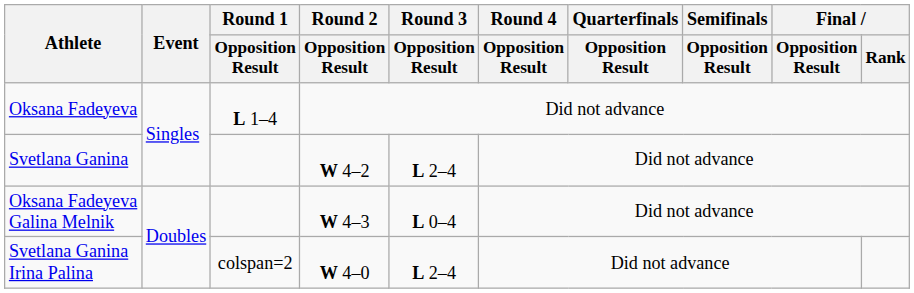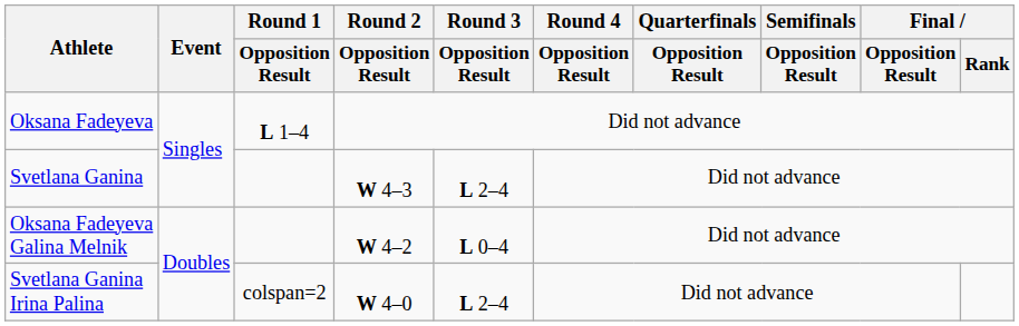 <table class="wikitable" style="font-size:90%">
 <tr>
 <th rowspan="2">Athlete</th>
 <th rowspan="2">Event</th>
 <th>Round 1</th>
 <th>Round 2</th>
 <th>Round 3</th>
 <th>Round 4</th>
 <th>Quarterfinals</th>
 <th>Semifinals</th>
 <th colspan=2>Final / </th>
 </tr>
 <tr style="font-size:95%">
 <th>Opposition<br>Result</th>
 <th>Opposition<br>Result</th>
 <th>Opposition<br>Result</th>
 <th>Opposition<br>Result</th>
 <th>Opposition<br>Result</th>
 <th>Opposition<br>Result</th>
 <th>Opposition<br>Result</th>
 <th>Rank</th>
 </tr>
 <tr align=center>
 <td align=left><a href='#'>Oksana Fadeyeva</a></td>
 <td align=left rowspan=2><a href='#'>Singles</a></td>
 <td><br><strong>L</strong> 1–4</td>
 <td colspan=7>Did not advance</td>
 </tr>
 <tr align=center>
 <td align=left><a href='#'>Svetlana Ganina</a></td>
 <td></td>
-<td><br><strong>W</strong> 4–2</td>
+<td><br><strong>W</strong> 4–3</td>
 <td><br><strong>L</strong> 2–4</td>
 <td colspan=5>Did not advance</td>
 </tr>
 <tr align=center>
 <td align=left><a href='#'>Oksana Fadeyeva</a><br><a href='#'>Galina Melnik</a></td>
 <td align=left rowspan=2><a href='#'>Doubles</a></td>
 <td></td>
-<td><br><strong>W</strong> 4–3</td>
+<td><br><strong>W</strong> 4–2</td>
 <td><br><strong>L</strong> 0–4</td>
 <td colspan=5>Did not advance</td>
 </tr>
 <tr align=center>
 <td align=left><a href='#'>Svetlana Ganina</a><br><a href='#'>Irina Palina</a></td>
 <td>colspan=2 </td>
 <td><br><strong>W</strong> 4–0</td>
 <td><br><strong>L</strong> 2–4</td>
 <td colspan=4>Did not advance</td>
 </tr>
 </table>
